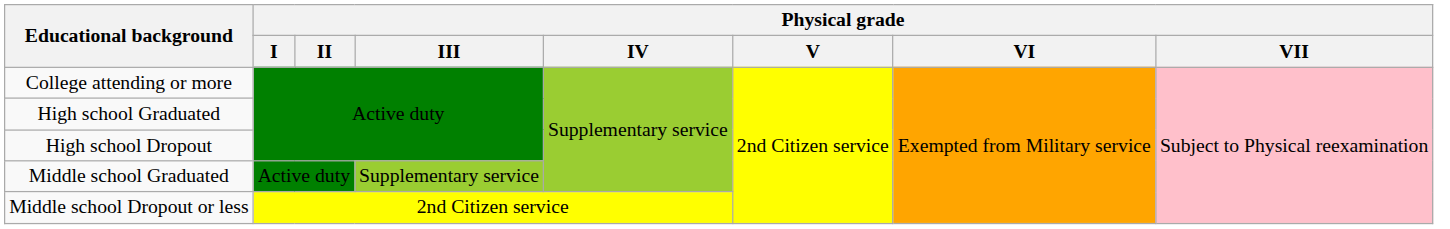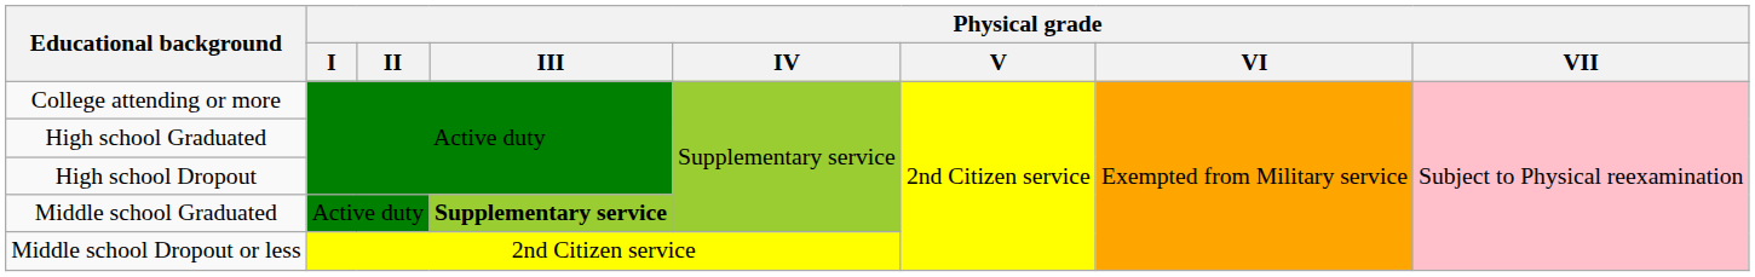 <table class="wikitable">
 <tr>
 <th rowspan="2">Educational background</th>
 <th colspan="7">Physical grade</th>
 </tr>
 <tr>
 <th>I</th>
 <th>II</th>
 <th>III</th>
 <th>IV</th>
 <th>V</th>
 <th>VI</th>
 <th>VII</th>
 </tr>
 <tr>
 <td div style="text-align:center">College attending or more</td>
 <td colspan="3" rowspan="3" div style="background:green; text-align:center;">Active duty</td>
 <td rowspan="4" div style="background:yellowgreen; text-align:center;">Supplementary service</td>
 <td style="text-align:center; background:yellow;" rowspan="5" div>2nd Citizen service</td>
 <td rowspan="5" div style="background:orange; text-align:center;">Exempted from Military service</td>
 <td rowspan="5" div style="background:pink; text-align:center;">Subject to Physical reexamination</td>
 </tr>
 <tr>
 <td div style="text-align:center">High school Graduated</td>
 </tr>
 <tr>
 <td div style="text-align:center">High school Dropout</td>
 </tr>
 <tr>
 <td div style="text-align:center">Middle school Graduated</td>
 <td colspan="2" div style="background:green; text-align:center;">Active duty</td>
-<td div style="background:yellowgreen; text-align:center;">Supplementary service</td>
+<td div style="background:yellowgreen; text-align:center;"><strong>Supplementary service</strong></td>
 </tr>
 <tr>
 <td div style="text-align:center">Middle school Dropout or less</td>
 <td style="text-align:center; background:yellow;" colspan="4" div>2nd Citizen service</td>
 </tr>
 </table>
